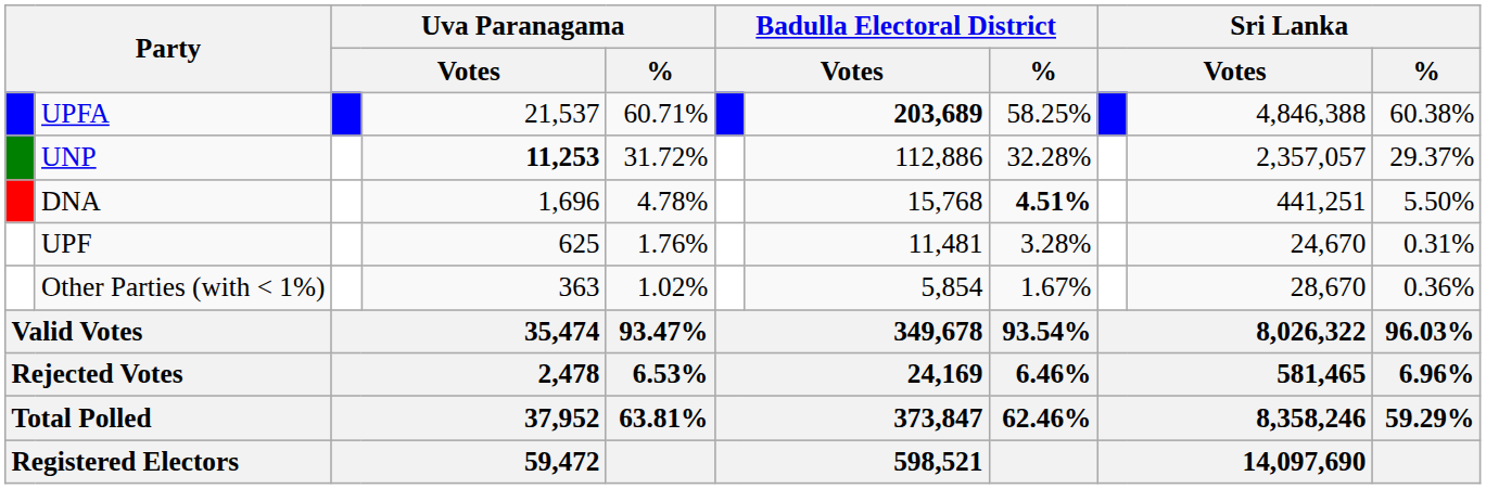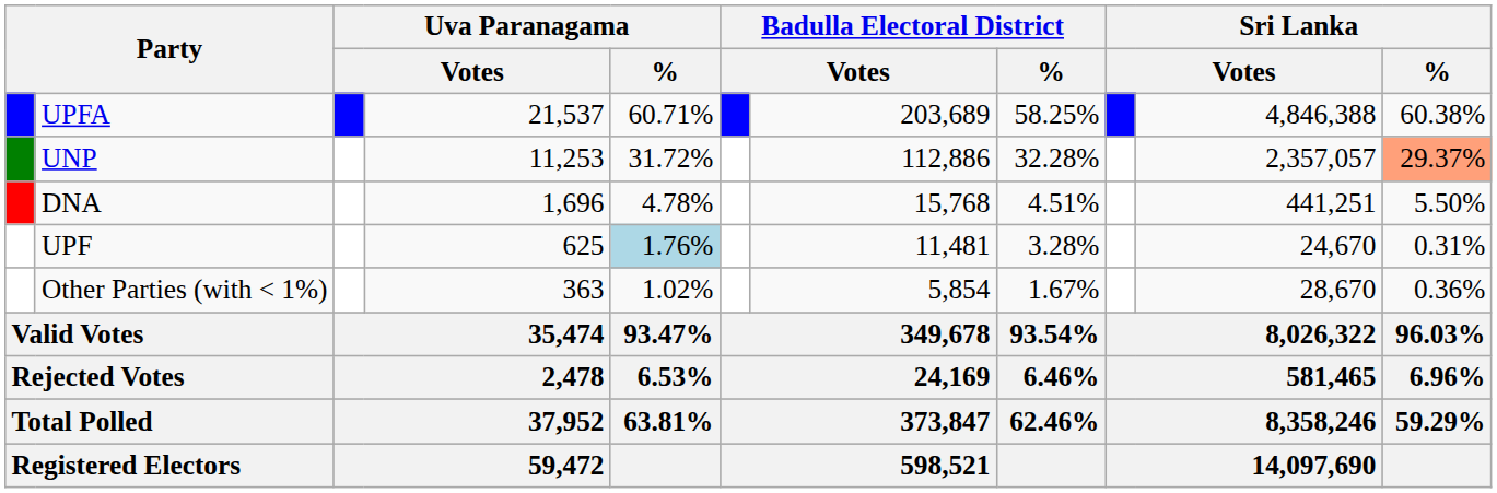 <table class="wikitable">
 <tr>
 <th colspan="2" width="144px"rowspan="2">Party</th>
 <th colspan="3" width="216px">Uva Paranagama</th>
 <th colspan="3" width="216px"><a href='#'>Badulla Electoral District</a></th>
 <th colspan="3" width="216px">Sri Lanka</th>
 </tr>
 <tr>
 <th colspan="2" width="144px">Votes</th>
 <th>%</th>
 <th colspan="2" width="144px">Votes</th>
 <th>%</th>
 <th colspan="2" width="144px">Votes</th>
 <th>%</th>
 </tr>
 <tr>
 <td style="background-color:blue;" width="10px"></td>
 <td style="text-align:left;"><a href='#'>UPFA</a></td>
 <td style="background-color:blue;" width="10px"></td>
 <td style="text-align:right;">21,537</td>
 <td style="text-align:right;">60.71%</td>
 <td style="background-color:blue;" width="10px"></td>
-<td style="text-align:right;"><strong>203,689</strong></td>
+<td style="text-align:right;">203,689</td>
 <td style="text-align:right;">58.25%</td>
 <td style="background-color:blue;" width="10px"></td>
 <td style="text-align:right;">4,846,388</td>
 <td style="text-align:right;">60.38%</td>
 </tr>
 <tr>
 <td style="background-color:green;" width="10px"></td>
 <td style="text-align:left;"><a href='#'>UNP</a></td>
 <td style="background-color:white;" width="10px"></td>
-<td style="text-align:right;"><strong>11,253</strong></td>
+<td style="text-align:right;">11,253</td>
 <td style="text-align:right;">31.72%</td>
 <td style="background-color:white;" width="10px"></td>
 <td style="text-align:right;">112,886</td>
 <td style="text-align:right;">32.28%</td>
 <td style="background-color:white;" width="10px"></td>
 <td style="text-align:right;">2,357,057</td>
-<td style="text-align:right;">29.37%</td>
+<td style="background: lightsalmon; text-align:right;">29.37%</td>
 </tr>
 <tr>
 <td style="background-color:red;" width="10px"></td>
 <td style="text-align:left;">DNA</td>
 <td style="background-color:white;" width="10px"></td>
 <td style="text-align:right;">1,696</td>
 <td style="text-align:right;">4.78%</td>
 <td style="background-color:white;" width="10px"></td>
 <td style="text-align:right;">15,768</td>
-<td style="text-align:right;"><strong>4.51%</strong></td>
+<td style="text-align:right;">4.51%</td>
 <td style="background-color:white;" width="10px"></td>
 <td style="text-align:right;">441,251</td>
 <td style="text-align:right;">5.50%</td>
 </tr>
 <tr>
 <td style="background-color:white;" width="10px"></td>
 <td style="text-align:left;">UPF</td>
 <td style="background-color:white;" width="10px"></td>
 <td style="text-align:right;">625</td>
-<td style="text-align:right;">1.76%</td>
+<td style="background: lightblue; text-align:right;">1.76%</td>
 <td style="background-color:white;" width="10px"></td>
 <td style="text-align:right;">11,481</td>
 <td style="text-align:right;">3.28%</td>
 <td style="background-color:white;" width="10px"></td>
 <td style="text-align:right;">24,670</td>
 <td style="text-align:right;">0.31%</td>
 </tr>
 <tr>
 <td style="background-color:white;" width="10px"></td>
 <td style="text-align:left;">Other Parties (with < 1%)</td>
 <td style="background-color:white;" width="10px"></td>
 <td style="text-align:right;">363</td>
 <td style="text-align:right;">1.02%</td>
 <td style="background-color:white;" width="10px"></td>
 <td style="text-align:right;">5,854</td>
 <td style="text-align:right;">1.67%</td>
 <td style="background-color:white;" width="10px"></td>
 <td style="text-align:right;">28,670</td>
 <td style="text-align:right;">0.36%</td>
 </tr>
 <tr>
 <th colspan="2" width="144px"style="text-align:left;">Valid Votes</th>
 <th style="text-align:right;"colspan="2" width="144px">35,474</th>
 <th style="text-align:right;">93.47%</th>
 <th style="text-align:right;"colspan="2" width="144px">349,678</th>
 <th style="text-align:right;">93.54%</th>
 <th style="text-align:right;"colspan="2" width="144px">8,026,322</th>
 <th style="text-align:right;">96.03%</th>
 </tr>
 <tr>
 <th colspan="2" width="144px"style="text-align:left;">Rejected Votes</th>
 <th style="text-align:right;"colspan="2" width="144px">2,478</th>
 <th style="text-align:right;">6.53%</th>
 <th style="text-align:right;"colspan="2" width="144px">24,169</th>
 <th style="text-align:right;">6.46%</th>
 <th style="text-align:right;"colspan="2" width="144px">581,465</th>
 <th style="text-align:right;">6.96%</th>
 </tr>
 <tr>
 <th colspan="2" width="144px"style="text-align:left;">Total Polled</th>
 <th style="text-align:right;"colspan="2" width="144px">37,952</th>
 <th style="text-align:right;">63.81%</th>
 <th style="text-align:right;"colspan="2" width="144px">373,847</th>
 <th style="text-align:right;">62.46%</th>
 <th style="text-align:right;"colspan="2" width="144px">8,358,246</th>
 <th style="text-align:right;">59.29%</th>
 </tr>
 <tr>
 <th colspan="2" width="144px"style="text-align:left;">Registered Electors</th>
 <th style="text-align:right;"colspan="2" width="144px">59,472</th>
 <th></th>
 <th style="text-align:right;"colspan="2" width="144px">598,521</th>
 <th></th>
 <th style="text-align:right;"colspan="2" width="144px">14,097,690</th>
 <th></th>
 </tr>
 </table>
